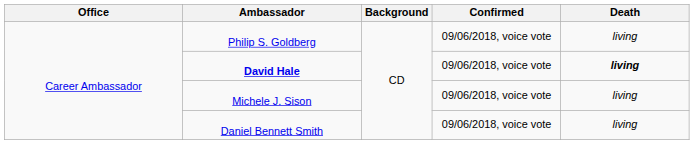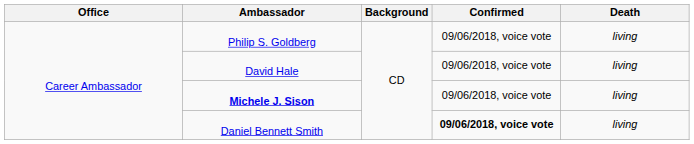 <table class="wikitable sortable" style="text-align:center">
 <tr>
 <th style="width:25%;">Office</th>
 <th style="width:25%;">Ambassador</th>
 <th style="width:10%;">Background</th>
 <th style="width:18%;">Confirmed</th>
 <th style="width:18%;">Death</th>
 </tr>
 <tr>
 <td rowspan=4><br><a href='#'>Career Ambassador</a></td>
 <td><br><a href='#'>Philip S. Goldberg</a></td>
 <td rowspan="4">CD</td>
 <td>09/06/2018, voice vote</td>
 <td><em>living</em></td>
 </tr>
 <tr>
-<td><strong><br><a href='#'>David Hale</a></strong></td>
+<td><br><a href='#'>David Hale</a></td>
 <td>09/06/2018, voice vote</td>
-<td><strong><em>living</em></strong></td>
+<td><em>living</em></td>
 </tr>
 <tr>
-<td><br><a href='#'>Michele J. Sison</a></td>
+<td><strong><br><a href='#'>Michele J. Sison</a></strong></td>
 <td>09/06/2018, voice vote</td>
 <td><em>living</em></td>
 </tr>
 <tr>
 <td><br><a href='#'>Daniel Bennett Smith</a></td>
-<td>09/06/2018, voice vote</td>
+<td><strong>09/06/2018, voice vote</strong></td>
 <td><em>living</em></td>
 </tr>
 </table>
